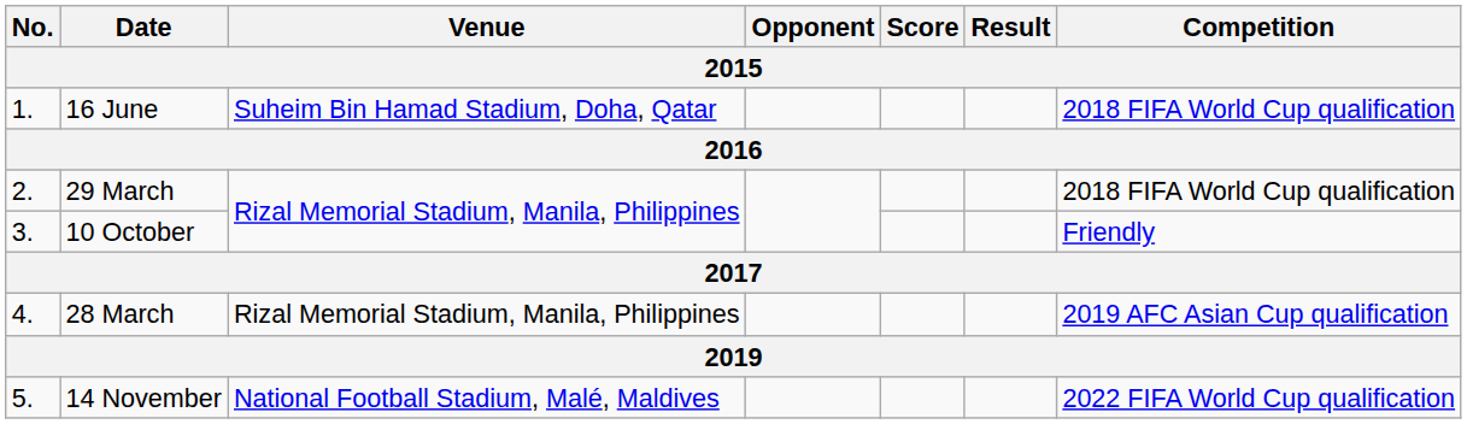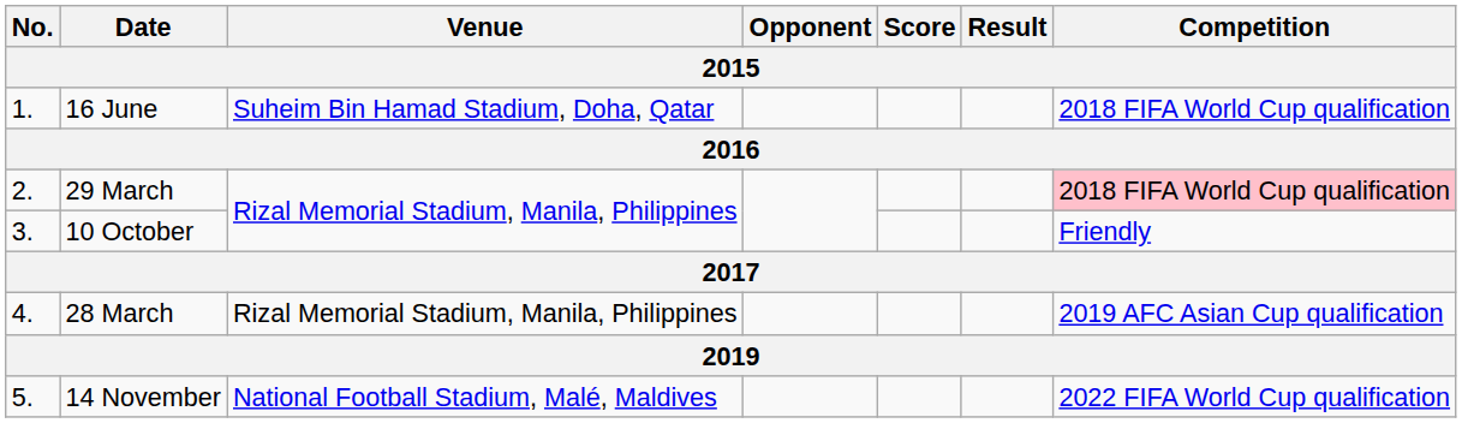 <table class="wikitable" style="font-size:95%;">
 <tr>
 <th>No.</th>
 <th>Date</th>
 <th>Venue</th>
 <th>Opponent</th>
 <th>Score</th>
 <th>Result</th>
 <th>Competition</th>
 </tr>
 <tr>
 <th colspan="8">2015</th>
 </tr>
 <tr>
 <td>1.</td>
 <td>16 June</td>
 <td><a href='#'>Suheim Bin Hamad Stadium</a>, <a href='#'>Doha</a>, <a href='#'>Qatar</a></td>
 <td></td>
 <td></td>
 <td></td>
 <td><a href='#'>2018 FIFA World Cup qualification</a></td>
 </tr>
 <tr>
 <th colspan="8">2016</th>
 </tr>
 <tr>
 <td>2.</td>
 <td>29 March</td>
 <td rowspan=2><a href='#'>Rizal Memorial Stadium</a>, <a href='#'>Manila</a>, <a href='#'>Philippines</a></td>
 <td rowspan=2></td>
 <td></td>
 <td></td>
-<td>2018 FIFA World Cup qualification</td>
+<td style="background: pink;">2018 FIFA World Cup qualification</td>
 </tr>
 <tr>
 <td>3.</td>
 <td>10 October</td>
 <td></td>
 <td></td>
 <td><a href='#'>Friendly</a></td>
 </tr>
 <tr>
 <th colspan="8">2017</th>
 </tr>
 <tr>
 <td>4.</td>
 <td>28 March</td>
 <td>Rizal Memorial Stadium, Manila, Philippines</td>
 <td></td>
 <td></td>
 <td></td>
 <td><a href='#'>2019 AFC Asian Cup qualification</a></td>
 </tr>
 <tr>
 <th colspan="8">2019</th>
 </tr>
 <tr>
 <td>5.</td>
 <td>14 November</td>
 <td><a href='#'>National Football Stadium</a>, <a href='#'>Malé</a>, <a href='#'>Maldives</a></td>
 <td></td>
 <td></td>
 <td></td>
 <td><a href='#'>2022 FIFA World Cup qualification</a></td>
 </tr>
 </table>
